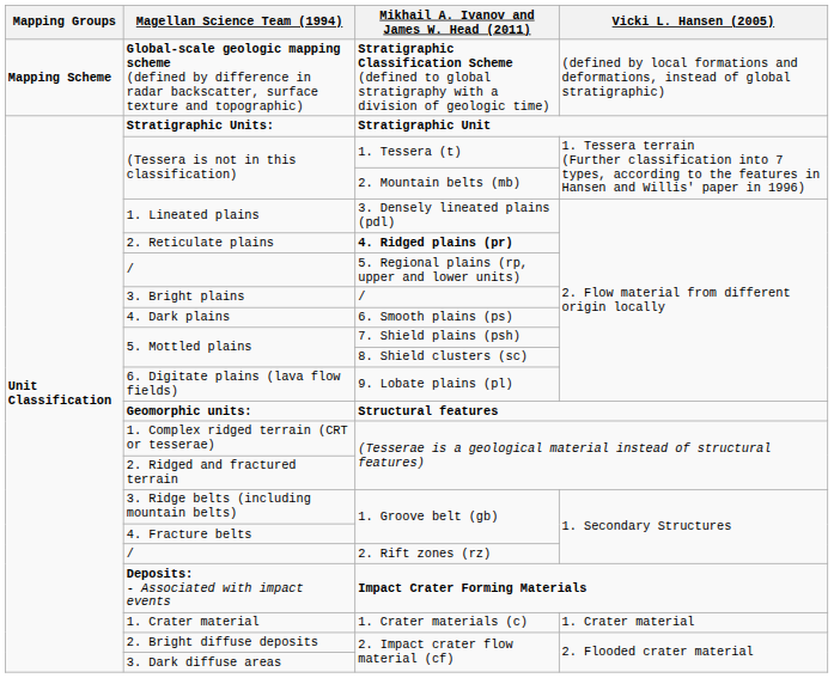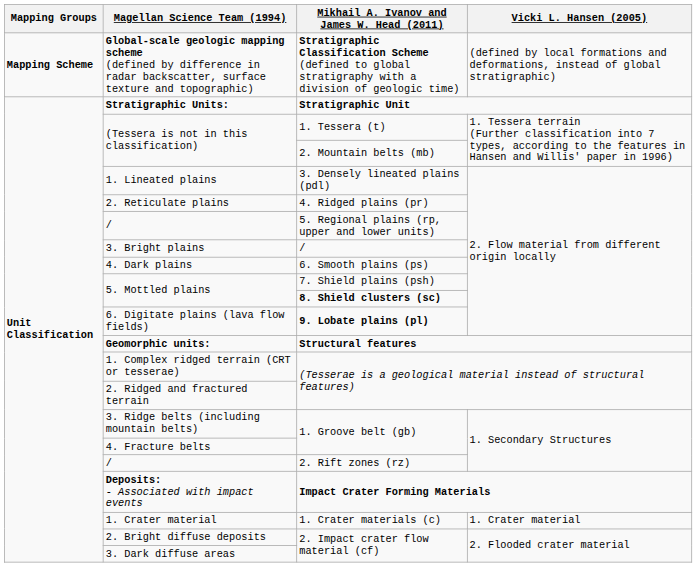 <table class="wikitable">
 <tr>
 <th>Mapping Groups</th>
 <th><u>Magellan Science Team (1994)</u></th>
 <th><strong><u>Mikhail A. Ivanov and James W. Head (2011)</u></strong></th>
 <th><strong><u>Vicki L. Hansen (2005)</u></strong></th>
 </tr>
 <tr>
 <td><strong>Mapping Scheme</strong></td>
 <td><strong>Global-scale geologic mapping</strong> <strong>scheme</strong><br>(defined by difference in radar backscatter, surface texture and topographic)</td>
 <td><strong>Stratigraphic Classification</strong> <strong>Scheme</strong><br>(defined to global stratigraphy with a division of geologic time)</td>
 <td>(defined by local formations and deformations, instead of global stratigraphic)</td>
 </tr>
 <tr>
 <td rowspan="21"><strong>Unit Classification</strong></td>
 <td><strong>Stratigraphic Units:</strong></td>
 <td colspan="2"><strong>Stratigraphic Unit</strong></td>
 </tr>
 <tr>
 <td rowspan="2">(Tessera is not in this classification)</td>
 <td>1. Tessera (t)</td>
 <td rowspan="2">1. Tessera terrain<br>(Further classification into 7 types, according to the features in Hansen and Willis' paper in 1996)</td>
 </tr>
 <tr>
 <td>2. Mountain belts (mb)</td>
 </tr>
 <tr>
 <td>1. Lineated plains</td>
 <td>3. Densely lineated plains (pdl)</td>
 <td rowspan="8">2. Flow material from different origin locally</td>
 </tr>
 <tr>
 <td>2. Reticulate plains</td>
-<td><strong>4. Ridged plains (pr)</strong></td>
+<td>4. Ridged plains (pr)</td>
 </tr>
 <tr>
 <td>/</td>
 <td>5. Regional plains (rp, upper and lower units)</td>
 </tr>
 <tr>
 <td>3. Bright plains</td>
 <td>/</td>
 </tr>
 <tr>
 <td>4. Dark plains</td>
 <td>6. Smooth plains (ps)</td>
 </tr>
 <tr>
 <td rowspan="2">5. Mottled plains</td>
 <td>7. Shield plains (psh)</td>
 </tr>
 <tr>
-<td>8. Shield clusters (sc)</td>
+<td><strong>8. Shield clusters (sc)</strong></td>
 </tr>
 <tr>
 <td>6. Digitate plains (lava flow fields)</td>
-<td>9. Lobate plains (pl)</td>
+<td><strong>9. Lobate plains (pl)</strong></td>
 </tr>
 <tr>
 <td><strong>Geomorphic units:</strong></td>
 <td colspan="2"><strong>Structural features</strong></td>
 </tr>
 <tr>
 <td>1. Complex ridged terrain (CRT or tesserae)</td>
 <td colspan="2" rowspan="2"><em>(Tesserae is a geological material instead of structural features)</em></td>
 </tr>
 <tr>
 <td>2. Ridged and fractured terrain</td>
 </tr>
 <tr>
 <td>3. Ridge belts (including mountain belts)</td>
 <td rowspan="2">1. Groove belt (gb)</td>
 <td rowspan="3">1. Secondary Structures</td>
 </tr>
 <tr>
 <td>4. Fracture belts</td>
 </tr>
 <tr>
 <td>/</td>
 <td>2. Rift zones (rz)</td>
 </tr>
 <tr>
 <td><strong>Deposits:</strong><br><em>- Associated with impact events</em></td>
 <td colspan="2"><strong>Impact Crater Forming Materials</strong></td>
 </tr>
 <tr>
 <td>1. Crater material</td>
 <td>1. Crater materials (c)</td>
 <td>1. Crater material</td>
 </tr>
 <tr>
 <td>2. Bright diffuse deposits</td>
 <td rowspan="2">2. Impact crater flow material (cf)</td>
 <td rowspan="2">2. Flooded crater material</td>
 </tr>
 <tr>
 <td>3. Dark diffuse areas</td>
 </tr>
 </table>
